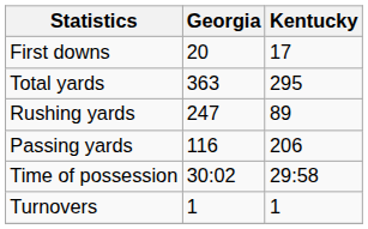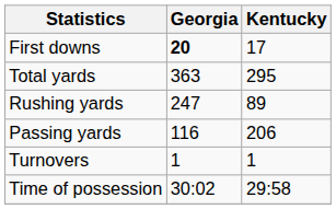 <table class="wikitable" style="float: left;">
 <tr>
 <th>Statistics</th>
 <th>Georgia</th>
 <th>Kentucky</th>
 </tr>
 <tr>
 <td>First downs</td>
-<td>20</td>
+<td><strong>20</strong></td>
 <td>17</td>
 </tr>
 <tr>
 <td>Total yards</td>
 <td>363</td>
 <td>295</td>
 </tr>
 <tr>
 <td>Rushing yards</td>
 <td>247</td>
 <td>89</td>
 </tr>
 <tr>
 <td>Passing yards</td>
 <td>116</td>
 <td>206</td>
 </tr>
 <tr>
+<td>Turnovers</td>
+<td>1</td>
+<td>1</td>
+</tr>
+<tr>
 <td>Time of possession</td>
 <td>30:02</td>
 <td>29:58</td>
 </tr>
 <tr>
-<td>Turnovers</td>
-<td>1</td>
-<td>1</td>
-</tr>
-<tr>
 </tr>
 </table>
